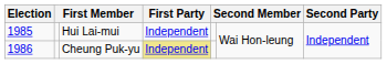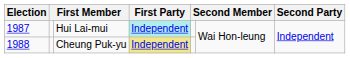 <table class="wikitable">
 <tr>
 <th>Election</th>
 <th colspan="2">First Member</th>
 <th>First Party</th>
 <th colspan="2">Second Member</th>
 <th>Second Party</th>
 </tr>
 <tr>
-<td><a href='#'>1985</a></td>
+<td><a href='#'>1987</a></td>
 <td style="background-color: "></td>
 <td>Hui Lai-mui</td>
-<td><a href='#'>Independent</a></td>
+<td style="background: paleturquoise;"><a href='#'>Independent</a></td>
 <td style="background-color: "></td>
 <td rowspan=2>Wai Hon-leung</td>
 <td rowspan=2><a href='#'>Independent</a></td>
 </tr>
 <tr>
-<td><a href='#'>1986</a></td>
+<td><a href='#'>1988</a></td>
 <td style="background-color: "></td>
 <td>Cheung Puk-yu</td>
 <td style="background: khaki;"><a href='#'>Independent</a></td>
 <td style="background-color: "></td>
 </tr>
 </table>
